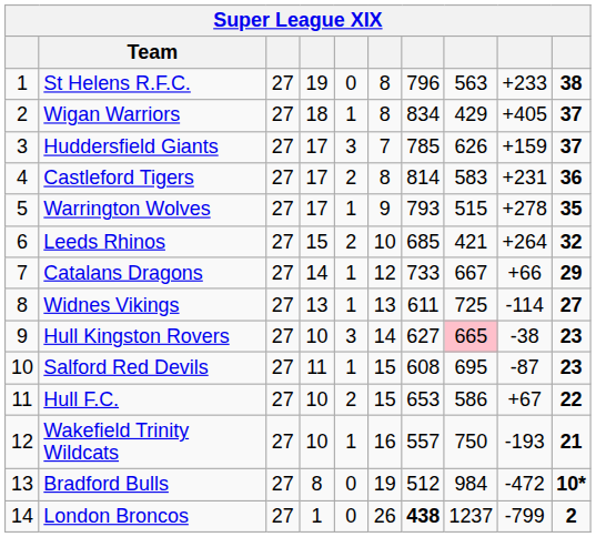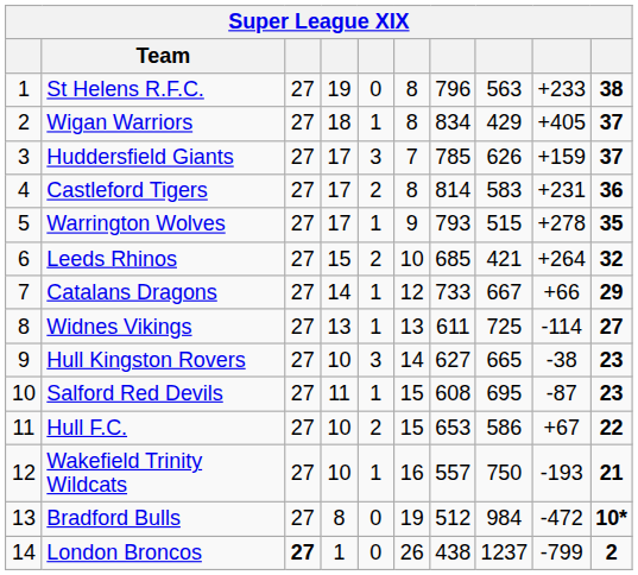 <table class="wikitable" style="text-align:center">
 <tr>
 <th colspan="11"><a href='#'>Super League XIX</a></th>
 </tr>
 <tr>
 <th style="width:20px;"></th>
 <th style="width:175px;">Team</th>
 <th style="width:20px;"></th>
 <th style="width:20px;"></th>
 <th style="width:20px;"></th>
 <th style="width:20px;"></th>
 <th style="width:25px;"></th>
 <th style="width:25px;"></th>
 <th style="width:25px;"></th>
 <th style="width:20px;"></th>
 </tr>
 <tr>
 <td>1</td>
 <td style="text-align:left;"> <a href='#'>St Helens R.F.C.</a></td>
 <td>27</td>
 <td>19</td>
 <td>0</td>
 <td>8</td>
 <td>796</td>
 <td>563</td>
 <td>+233</td>
 <td><strong>38</strong></td>
 </tr>
 <tr>
 <td>2</td>
 <td style="text-align:left;"> <a href='#'>Wigan Warriors</a></td>
 <td>27</td>
 <td>18</td>
 <td>1</td>
 <td>8</td>
 <td>834</td>
 <td>429</td>
 <td>+405</td>
 <td><strong>37</strong></td>
 </tr>
 <tr>
 <td>3</td>
 <td style="text-align:left;"> <a href='#'>Huddersfield Giants</a></td>
 <td>27</td>
 <td>17</td>
 <td>3</td>
 <td>7</td>
 <td>785</td>
 <td>626</td>
 <td>+159</td>
 <td><strong>37</strong></td>
 </tr>
 <tr>
 <td>4</td>
 <td style="text-align:left;"> <a href='#'>Castleford Tigers</a></td>
 <td>27</td>
 <td>17</td>
 <td>2</td>
 <td>8</td>
 <td>814</td>
 <td>583</td>
 <td>+231</td>
 <td><strong>36</strong></td>
 </tr>
 <tr>
 <td>5</td>
 <td style="text-align:left"> <a href='#'>Warrington Wolves</a></td>
 <td>27</td>
 <td>17</td>
 <td>1</td>
 <td>9</td>
 <td>793</td>
 <td>515</td>
 <td>+278</td>
 <td><strong>35</strong></td>
 </tr>
 <tr>
 <td>6</td>
 <td style="text-align:left;"> <a href='#'>Leeds Rhinos</a></td>
 <td>27</td>
 <td>15</td>
 <td>2</td>
 <td>10</td>
 <td>685</td>
 <td>421</td>
 <td>+264</td>
 <td><strong>32</strong></td>
 </tr>
 <tr>
 <td>7</td>
 <td style="text-align:left;"> <a href='#'>Catalans Dragons</a></td>
 <td>27</td>
 <td>14</td>
 <td>1</td>
 <td>12</td>
 <td>733</td>
 <td>667</td>
 <td>+66</td>
 <td><strong>29</strong></td>
 </tr>
 <tr>
 <td>8</td>
 <td style="text-align:left;"> <a href='#'>Widnes Vikings</a></td>
 <td>27</td>
 <td>13</td>
 <td>1</td>
 <td>13</td>
 <td>611</td>
 <td>725</td>
 <td>-114</td>
 <td><strong>27</strong></td>
 </tr>
 <tr>
 <td>9</td>
 <td style="text-align:left;"> <a href='#'>Hull Kingston Rovers</a></td>
 <td>27</td>
 <td>10</td>
 <td>3</td>
 <td>14</td>
 <td>627</td>
-<td style="background: pink;">665</td>
+<td>665</td>
 <td>-38</td>
 <td><strong>23</strong></td>
 </tr>
 <tr>
 <td>10</td>
 <td style="text-align:left;"> <a href='#'>Salford Red Devils</a></td>
 <td>27</td>
 <td>11</td>
 <td>1</td>
 <td>15</td>
 <td>608</td>
 <td>695</td>
 <td>-87</td>
 <td><strong>23</strong></td>
 </tr>
 <tr>
 <td>11</td>
 <td style="text-align:left;"> <a href='#'>Hull F.C.</a></td>
 <td>27</td>
 <td>10</td>
 <td>2</td>
 <td>15</td>
 <td>653</td>
 <td>586</td>
 <td>+67</td>
 <td><strong>22</strong></td>
 </tr>
 <tr>
 <td>12</td>
 <td style="text-align:left;"> <a href='#'>Wakefield Trinity Wildcats</a></td>
 <td>27</td>
 <td>10</td>
 <td>1</td>
 <td>16</td>
 <td>557</td>
 <td>750</td>
 <td>-193</td>
 <td><strong>21</strong></td>
 </tr>
 <tr>
 <td>13</td>
 <td style="text-align:left;"> <a href='#'>Bradford Bulls</a></td>
 <td>27</td>
 <td>8</td>
 <td>0</td>
 <td>19</td>
 <td>512</td>
 <td>984</td>
 <td>-472</td>
 <td><strong>10*</strong></td>
 </tr>
 <tr>
 <td>14</td>
 <td style="text-align:left;"> <a href='#'>London Broncos</a></td>
-<td>27</td>
+<td><strong>27</strong></td>
 <td>1</td>
 <td>0</td>
 <td>26</td>
-<td><strong>438</strong></td>
+<td>438</td>
 <td>1237</td>
 <td>-799</td>
 <td><strong>2</strong></td>
 </tr>
 </table>
